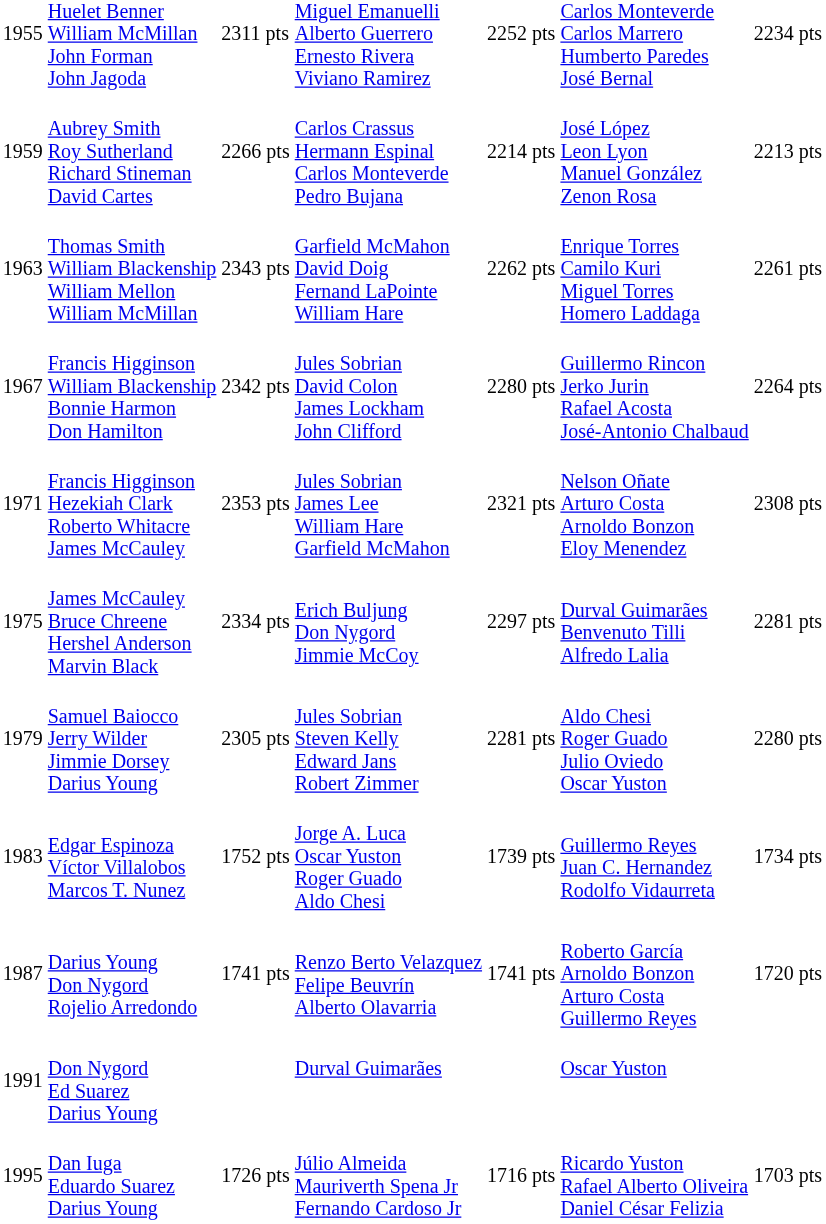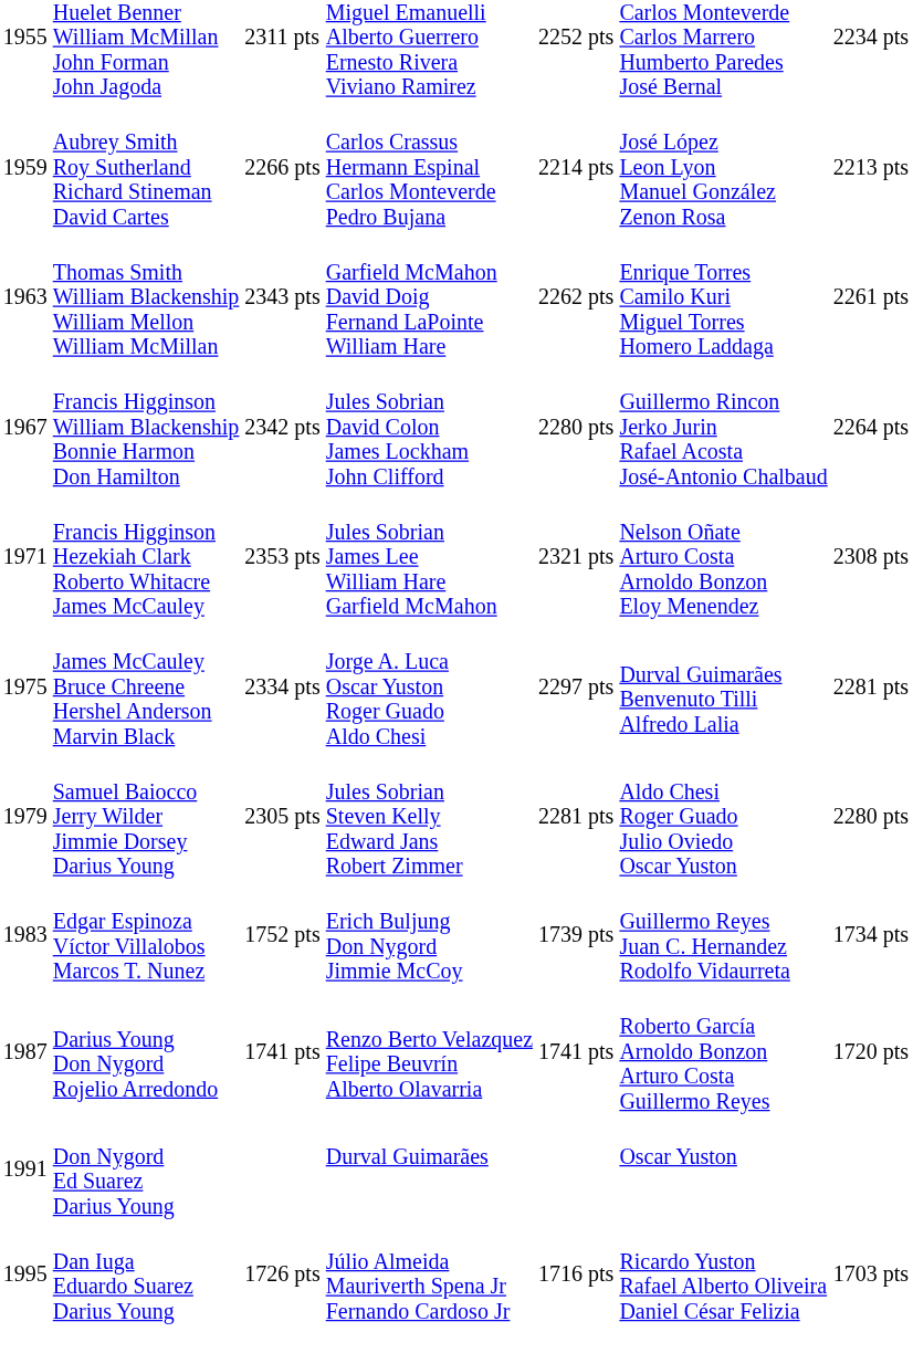 <table>
 <tr>
 <td>1955</td>
 <td><br><a href='#'>Huelet Benner</a><br><a href='#'>William McMillan</a><br><a href='#'>John Forman</a><br><a href='#'>John Jagoda</a></td>
 <td>2311 pts</td>
 <td><br><a href='#'>Miguel Emanuelli</a><br><a href='#'>Alberto Guerrero</a><br><a href='#'>Ernesto Rivera</a><br><a href='#'>Viviano Ramirez</a></td>
 <td>2252 pts</td>
 <td><br><a href='#'>Carlos Monteverde</a><br><a href='#'>Carlos Marrero</a><br><a href='#'>Humberto Paredes</a><br><a href='#'>José Bernal</a></td>
 <td>2234 pts</td>
 </tr>
 <tr>
 <td>1959</td>
 <td><br><a href='#'>Aubrey Smith</a><br><a href='#'>Roy Sutherland</a><br><a href='#'>Richard Stineman</a><br><a href='#'>David Cartes</a></td>
 <td>2266	 pts</td>
 <td><br><a href='#'>Carlos Crassus</a><br><a href='#'>Hermann Espinal</a><br><a href='#'>Carlos Monteverde</a><br><a href='#'>Pedro Bujana</a></td>
 <td>2214 pts</td>
 <td><br><a href='#'>José López</a><br><a href='#'>Leon Lyon</a><br><a href='#'>Manuel González</a><br><a href='#'>Zenon Rosa</a></td>
 <td>2213 pts</td>
 </tr>
 <tr>
 <td>1963</td>
 <td><br><a href='#'>Thomas Smith</a><br><a href='#'>William Blackenship</a><br><a href='#'>William Mellon</a><br><a href='#'>William McMillan</a></td>
 <td>2343 pts</td>
 <td><br><a href='#'>Garfield McMahon</a><br><a href='#'>David Doig</a><br><a href='#'>Fernand LaPointe</a><br><a href='#'>William Hare</a></td>
 <td>2262 pts</td>
 <td><br><a href='#'>Enrique Torres</a><br><a href='#'>Camilo Kuri</a><br><a href='#'>Miguel Torres</a><br><a href='#'>Homero Laddaga</a></td>
 <td>2261 pts</td>
 </tr>
 <tr>
 <td>1967</td>
 <td><br><a href='#'>Francis Higginson</a><br><a href='#'>William Blackenship</a><br><a href='#'>Bonnie Harmon</a><br><a href='#'>Don Hamilton</a></td>
 <td>2342 pts</td>
 <td><br><a href='#'>Jules Sobrian</a><br><a href='#'>David Colon</a><br><a href='#'>James Lockham</a><br><a href='#'>John Clifford</a></td>
 <td>2280 pts</td>
 <td><br><a href='#'>Guillermo Rincon</a><br><a href='#'>Jerko Jurin</a><br><a href='#'>Rafael Acosta</a><br><a href='#'>José-Antonio Chalbaud</a></td>
 <td>2264 pts</td>
 </tr>
 <tr>
 <td>1971</td>
 <td><br><a href='#'>Francis Higginson</a><br><a href='#'>Hezekiah Clark</a><br><a href='#'>Roberto Whitacre</a><br><a href='#'>James McCauley</a></td>
 <td>2353 pts</td>
 <td><br><a href='#'>Jules Sobrian</a><br><a href='#'>James Lee</a><br><a href='#'>William Hare</a><br><a href='#'>Garfield McMahon</a></td>
 <td>2321 pts</td>
 <td><br><a href='#'>Nelson Oñate</a><br><a href='#'>Arturo Costa</a><br><a href='#'>Arnoldo Bonzon</a><br><a href='#'>Eloy Menendez</a></td>
 <td>2308 pts</td>
 </tr>
 <tr>
 <td>1975</td>
 <td><br><a href='#'>James McCauley</a><br><a href='#'>Bruce Chreene</a><br><a href='#'>Hershel Anderson</a><br><a href='#'>Marvin Black</a></td>
 <td>2334 pts</td>
-<td><br><a href='#'>Erich Buljung</a><br><a href='#'>Don Nygord</a><br><a href='#'>Jimmie McCoy</a></td>
+<td><br><a href='#'>Jorge A. Luca</a><br><a href='#'>Oscar Yuston</a><br><a href='#'>Roger Guado</a><br><a href='#'>Aldo Chesi</a></td>
 <td>2297 pts</td>
 <td><br><a href='#'>Durval Guimarães</a><br><a href='#'>Benvenuto Tilli</a><br><a href='#'>Alfredo Lalia</a></td>
 <td>2281 pts</td>
 </tr>
 <tr>
 <td>1979</td>
 <td><br><a href='#'>Samuel Baiocco</a><br><a href='#'>Jerry Wilder</a><br><a href='#'>Jimmie Dorsey</a><br><a href='#'>Darius Young</a></td>
 <td>2305 pts</td>
 <td><br><a href='#'>Jules Sobrian</a><br><a href='#'>Steven Kelly</a><br><a href='#'>Edward Jans</a><br><a href='#'>Robert Zimmer</a></td>
 <td>2281 pts</td>
 <td><br><a href='#'>Aldo Chesi</a><br><a href='#'>Roger Guado</a><br><a href='#'>Julio Oviedo</a><br><a href='#'>Oscar Yuston</a></td>
 <td>2280 pts</td>
 </tr>
 <tr>
 <td>1983</td>
 <td><br><a href='#'>Edgar Espinoza</a><br><a href='#'>Víctor Villalobos</a><br><a href='#'>Marcos T. Nunez</a></td>
 <td>1752 pts</td>
-<td><br><a href='#'>Jorge A. Luca</a><br><a href='#'>Oscar Yuston</a><br><a href='#'>Roger Guado</a><br><a href='#'>Aldo Chesi</a></td>
+<td><br><a href='#'>Erich Buljung</a><br><a href='#'>Don Nygord</a><br><a href='#'>Jimmie McCoy</a></td>
 <td>1739 pts</td>
 <td><br><a href='#'>Guillermo Reyes</a><br><a href='#'>Juan C. Hernandez</a><br><a href='#'>Rodolfo Vidaurreta</a></td>
 <td>1734 pts</td>
 </tr>
 <tr>
 <td>1987</td>
 <td><br><a href='#'>Darius Young</a><br><a href='#'>Don Nygord</a><br><a href='#'>Rojelio Arredondo</a></td>
 <td>1741 pts</td>
 <td><br><a href='#'>Renzo Berto Velazquez</a><br><a href='#'>Felipe Beuvrín</a><br><a href='#'>Alberto Olavarria</a></td>
 <td>1741 pts</td>
 <td><br><a href='#'>Roberto García</a><br><a href='#'>Arnoldo Bonzon</a><br><a href='#'>Arturo Costa</a><br><a href='#'>Guillermo Reyes</a></td>
 <td>1720 pts</td>
 </tr>
 <tr>
 <td>1991</td>
 <td><br><a href='#'>Don Nygord</a><br><a href='#'>Ed Suarez</a><br><a href='#'>Darius Young</a></td>
 <td></td>
 <td style="vertical-align:top;"><br><a href='#'>Durval Guimarães</a></td>
 <td></td>
 <td style="vertical-align:top;"><br><a href='#'>Oscar Yuston</a></td>
 <td></td>
 </tr>
 <tr>
 <td>1995</td>
 <td><br><a href='#'>Dan Iuga</a><br><a href='#'>Eduardo Suarez</a><br><a href='#'>Darius Young</a></td>
 <td>1726 pts</td>
 <td><br><a href='#'>Júlio Almeida</a><br><a href='#'>Mauriverth Spena Jr</a><br><a href='#'>Fernando Cardoso Jr</a></td>
 <td>1716 pts</td>
 <td><br><a href='#'>Ricardo Yuston</a><br><a href='#'>Rafael Alberto Oliveira</a><br><a href='#'>Daniel César Felizia</a></td>
 <td>1703 pts</td>
 </tr>
 </table>
